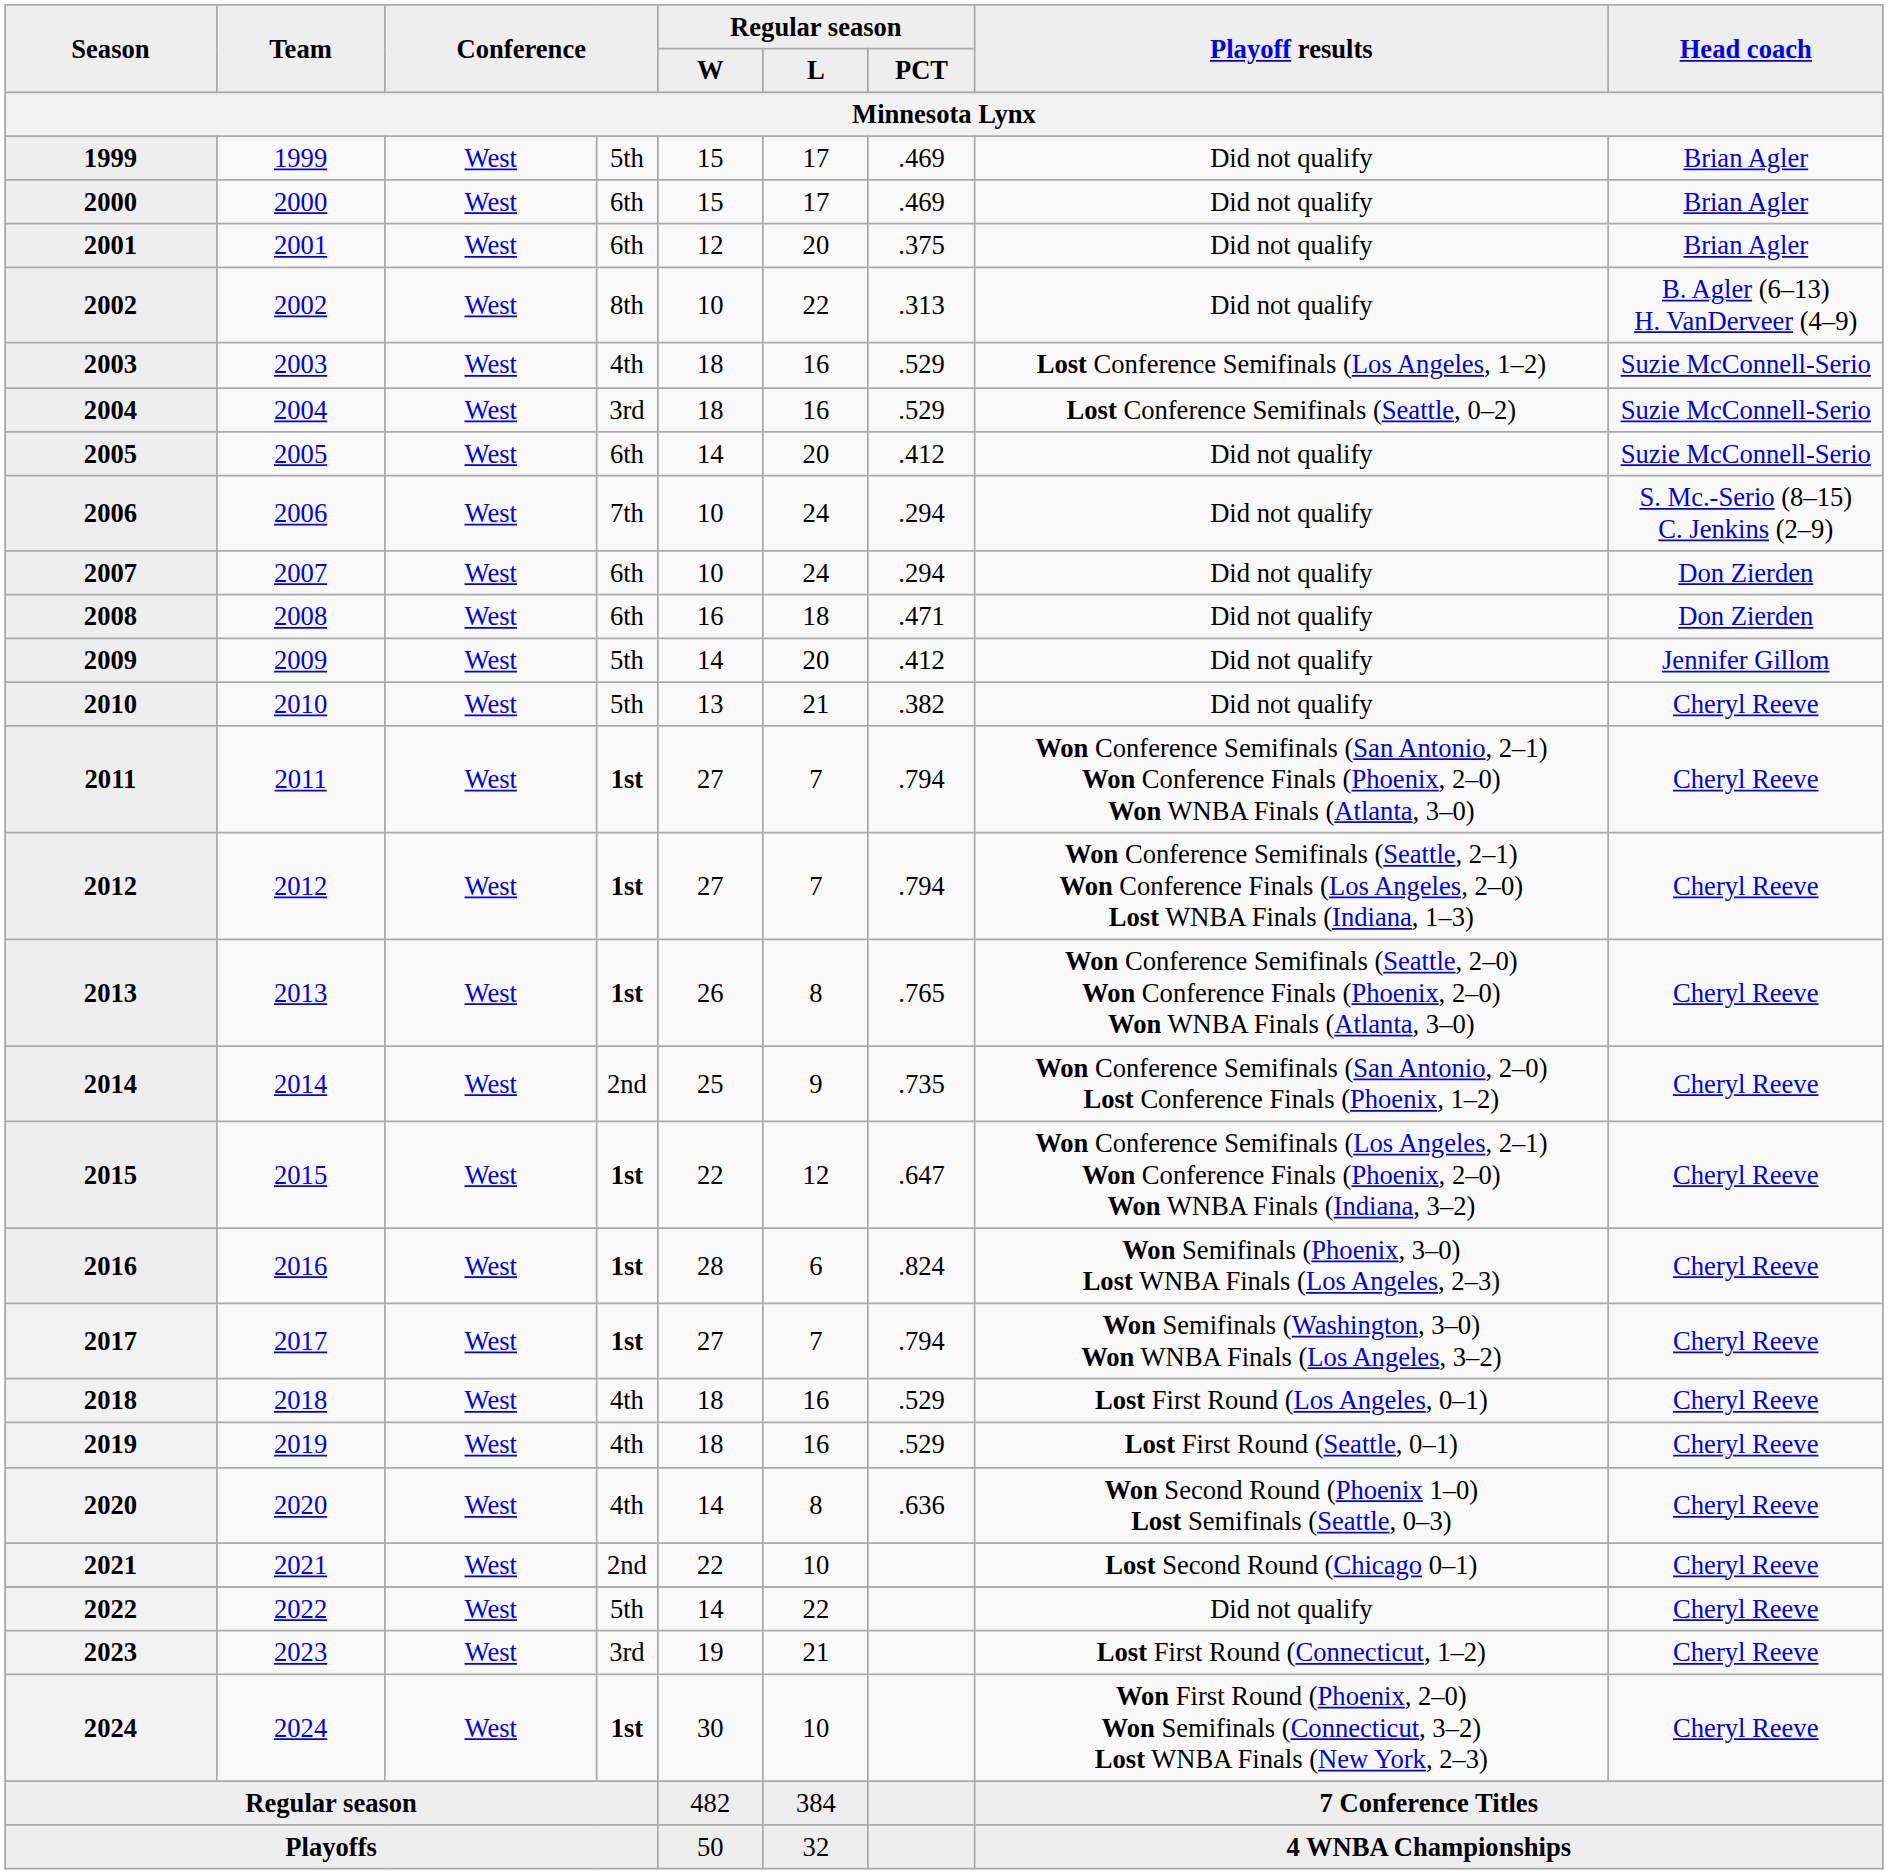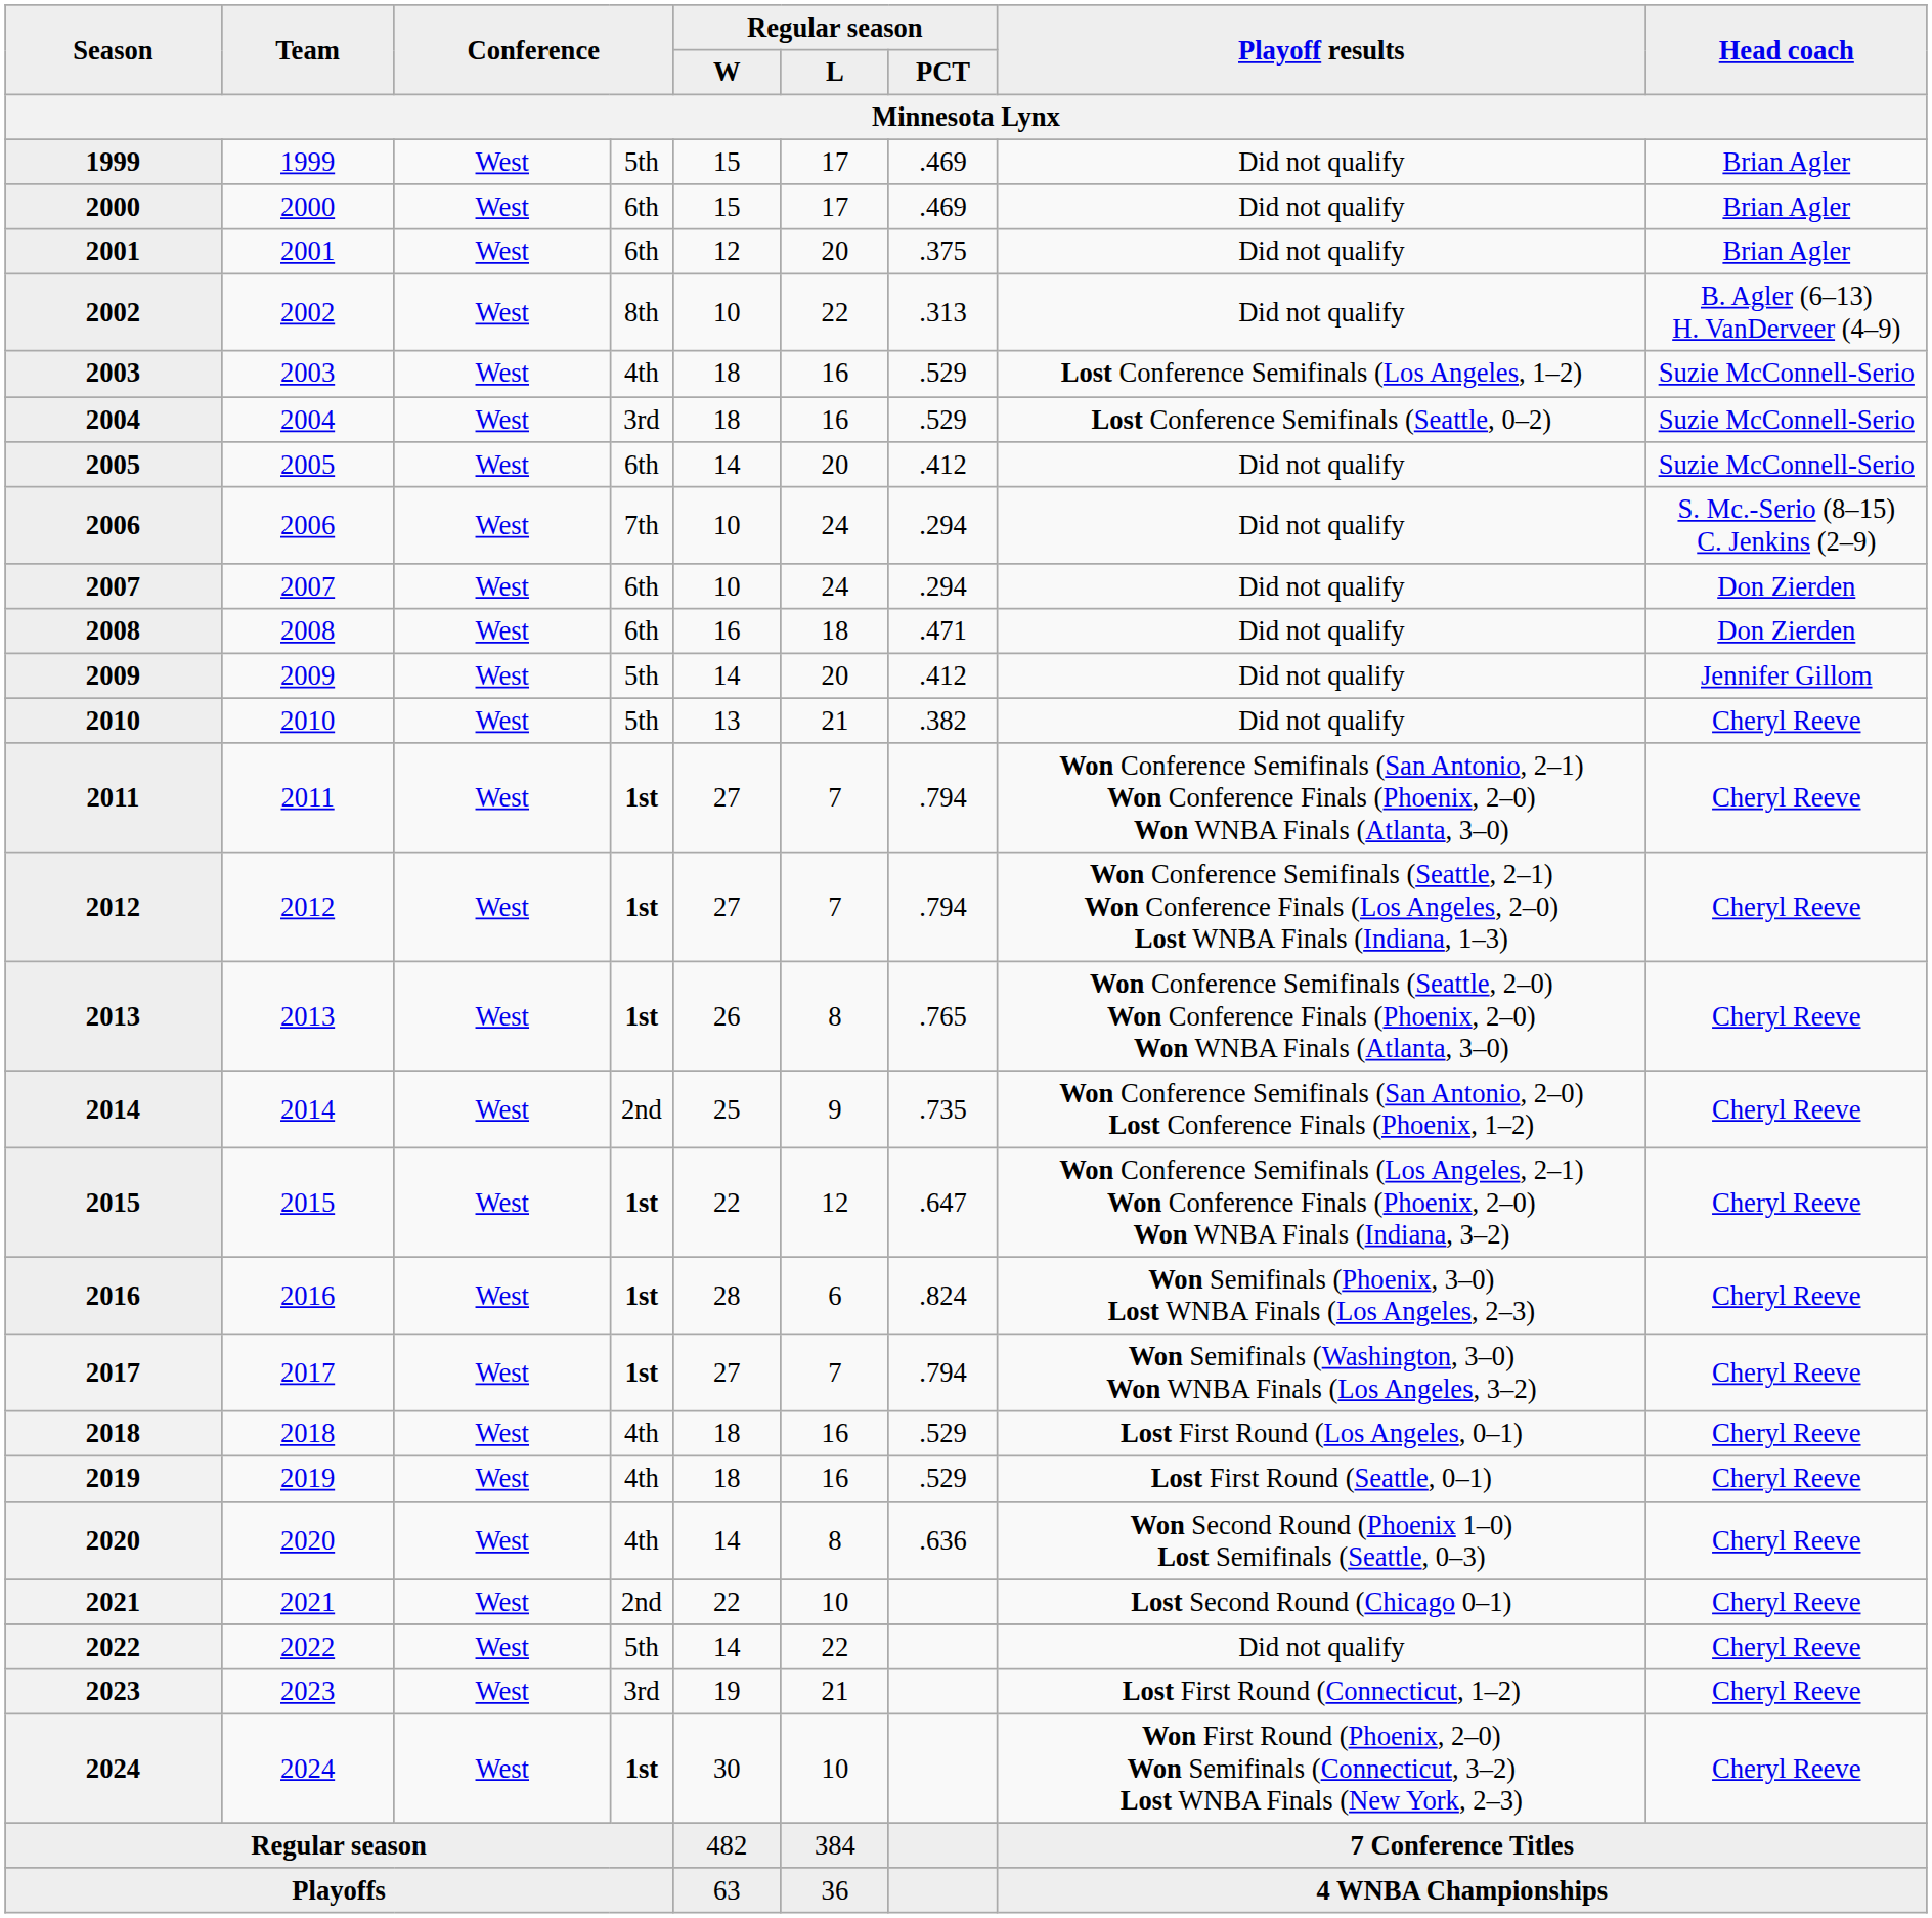 <table class="wikitable" style="font-size:95%; text-align: center; width: 85%; margin:1em auto;">
 <tr>
 <th rowspan=2 style="background:#eee; width: 10%;">Season</th>
 <th rowspan=2 style="background:#eee; width: 8%;">Team</th>
 <th rowspan=2 colspan=2 style="background:#eee; width: 12%;">Conference</th>
 <th colspan=3 style="background:#eee; width: 15%;">Regular season</th>
 <th rowspan=2 style="background:#eee; width: 30%;"><a href='#'>Playoff</a> results</th>
 <th rowspan=2 style="background:#eee; width: 13%;"><a href='#'>Head coach</a></th>
 </tr>
 <tr>
 <th style="background:#eee; width: 5%;">W</th>
 <th style="background:#eee; width: 5%;">L</th>
 <th style="background:#eee; width: 5%;">PCT</th>
 </tr>
 <tr>
 <th colspan=9 style="text-align:center; ">Minnesota Lynx</th>
 </tr>
 <tr>
 <th scope="row" style="background:#eee;">1999</th>
 <td><a href='#'>1999</a></td>
 <td style="width: 10%"><a href='#'>West</a></td>
 <td>5th</td>
 <td>15</td>
 <td>17</td>
 <td>.469</td>
 <td>Did not qualify</td>
 <td><a href='#'>Brian Agler</a></td>
 </tr>
 <tr>
 <th scope="row" style="background:#eee;">2000</th>
 <td><a href='#'>2000</a></td>
 <td><a href='#'>West</a></td>
 <td>6th</td>
 <td>15</td>
 <td>17</td>
 <td>.469</td>
 <td>Did not qualify</td>
 <td><a href='#'>Brian Agler</a></td>
 </tr>
 <tr>
 <th scope="row" style="background:#eee;">2001</th>
 <td><a href='#'>2001</a></td>
 <td><a href='#'>West</a></td>
 <td>6th</td>
 <td>12</td>
 <td>20</td>
 <td>.375</td>
 <td>Did not qualify</td>
 <td><a href='#'>Brian Agler</a></td>
 </tr>
 <tr>
 <th scope="row" style="background:#eee;">2002</th>
 <td><a href='#'>2002</a></td>
 <td><a href='#'>West</a></td>
 <td>8th</td>
 <td>10</td>
 <td>22</td>
 <td>.313</td>
 <td>Did not qualify</td>
 <td><a href='#'>B. Agler</a> (6–13)<br><a href='#'>H. VanDerveer</a> (4–9)</td>
 </tr>
 <tr>
 <th scope="row" style="background:#eee;">2003</th>
 <td><a href='#'>2003</a></td>
 <td><a href='#'>West</a></td>
 <td>4th</td>
 <td>18</td>
 <td>16</td>
 <td>.529</td>
 <td><strong>Lost</strong> Conference Semifinals (<a href='#'>Los Angeles</a>, 1–2)</td>
 <td><a href='#'>Suzie McConnell-Serio</a></td>
 </tr>
 <tr>
 <th scope="row" style="background:#eee;">2004</th>
 <td><a href='#'>2004</a></td>
 <td><a href='#'>West</a></td>
 <td>3rd</td>
 <td>18</td>
 <td>16</td>
 <td>.529</td>
 <td><strong>Lost</strong> Conference Semifinals (<a href='#'>Seattle</a>, 0–2)</td>
 <td><a href='#'>Suzie McConnell-Serio</a></td>
 </tr>
 <tr>
 <th scope="row" style="background:#eee;">2005</th>
 <td><a href='#'>2005</a></td>
 <td><a href='#'>West</a></td>
 <td>6th</td>
 <td>14</td>
 <td>20</td>
 <td>.412</td>
 <td>Did not qualify</td>
 <td><a href='#'>Suzie McConnell-Serio</a></td>
 </tr>
 <tr>
 <th scope="row" style="background:#eee;">2006</th>
 <td><a href='#'>2006</a></td>
 <td><a href='#'>West</a></td>
 <td>7th</td>
 <td>10</td>
 <td>24</td>
 <td>.294</td>
 <td>Did not qualify</td>
 <td><a href='#'>S. Mc.-Serio</a> (8–15)<br><a href='#'>C. Jenkins</a> (2–9)</td>
 </tr>
 <tr>
 <th scope="row" style="background:#eee;">2007</th>
 <td><a href='#'>2007</a></td>
 <td><a href='#'>West</a></td>
 <td>6th</td>
 <td>10</td>
 <td>24</td>
 <td>.294</td>
 <td>Did not qualify</td>
 <td><a href='#'>Don Zierden</a></td>
 </tr>
 <tr>
 <th scope="row" style="background:#eee;">2008</th>
 <td><a href='#'>2008</a></td>
 <td><a href='#'>West</a></td>
 <td>6th</td>
 <td>16</td>
 <td>18</td>
 <td>.471</td>
 <td>Did not qualify</td>
 <td><a href='#'>Don Zierden</a></td>
 </tr>
 <tr>
 <th scope="row" style="background:#eee;">2009</th>
 <td><a href='#'>2009</a></td>
 <td><a href='#'>West</a></td>
 <td>5th</td>
 <td>14</td>
 <td>20</td>
 <td>.412</td>
 <td>Did not qualify</td>
 <td><a href='#'>Jennifer Gillom</a></td>
 </tr>
 <tr>
 <th scope="row" style="background:#eee;">2010</th>
 <td><a href='#'>2010</a></td>
 <td><a href='#'>West</a></td>
 <td>5th</td>
 <td>13</td>
 <td>21</td>
 <td>.382</td>
 <td>Did not qualify</td>
 <td><a href='#'>Cheryl Reeve</a></td>
 </tr>
 <tr>
 <th scope="row" style="background:#eee;">2011</th>
 <td><a href='#'>2011</a></td>
 <td><a href='#'>West</a></td>
 <td><strong>1st</strong></td>
 <td>27</td>
 <td>7</td>
 <td>.794</td>
 <td><strong>Won</strong> Conference Semifinals (<a href='#'>San Antonio</a>, 2–1)<br> <strong>Won</strong> Conference Finals (<a href='#'>Phoenix</a>, 2–0)<br> <strong>Won</strong> WNBA Finals (<a href='#'>Atlanta</a>, 3–0)</td>
 <td><a href='#'>Cheryl Reeve</a></td>
 </tr>
 <tr>
 <th scope="row" style="background:#eee;">2012</th>
 <td><a href='#'>2012</a></td>
 <td><a href='#'>West</a></td>
 <td><strong>1st</strong></td>
 <td>27</td>
 <td>7</td>
 <td>.794</td>
 <td><strong> Won</strong> Conference Semifinals (<a href='#'>Seattle</a>, 2–1)<br><strong>Won</strong> Conference Finals (<a href='#'>Los Angeles</a>, 2–0)<br><strong>Lost</strong> WNBA Finals (<a href='#'>Indiana</a>, 1–3)</td>
 <td><a href='#'>Cheryl Reeve</a></td>
 </tr>
 <tr>
 <th scope="row" style="background:#eee;">2013</th>
 <td><a href='#'>2013</a></td>
 <td><a href='#'>West</a></td>
 <td><strong>1st</strong></td>
 <td>26</td>
 <td>8</td>
 <td>.765</td>
 <td><strong>Won</strong> Conference Semifinals (<a href='#'>Seattle</a>, 2–0)<br><strong>Won</strong> Conference Finals (<a href='#'>Phoenix</a>, 2–0)<br><strong>Won</strong> WNBA Finals (<a href='#'>Atlanta</a>, 3–0)</td>
 <td><a href='#'>Cheryl Reeve</a></td>
 </tr>
 <tr>
 <th scope="row" style="background:#eee;">2014</th>
 <td><a href='#'>2014</a></td>
 <td><a href='#'>West</a></td>
 <td>2nd</td>
 <td>25</td>
 <td>9</td>
 <td>.735</td>
 <td><strong>Won</strong> Conference Semifinals (<a href='#'>San Antonio</a>, 2–0)<br> <strong>Lost</strong> Conference Finals (<a href='#'>Phoenix</a>, 1–2)</td>
 <td><a href='#'>Cheryl Reeve</a></td>
 </tr>
 <tr>
 <th scope="row" style="background:#eee;">2015</th>
 <td><a href='#'>2015</a></td>
 <td><a href='#'>West</a></td>
 <td><strong>1st</strong></td>
 <td>22</td>
 <td>12</td>
 <td>.647</td>
 <td><strong>Won</strong> Conference Semifinals (<a href='#'>Los Angeles</a>, 2–1)<br><strong>Won</strong> Conference Finals (<a href='#'>Phoenix</a>, 2–0)<br><strong> Won</strong> WNBA Finals (<a href='#'>Indiana</a>, 3–2)</td>
 <td><a href='#'>Cheryl Reeve</a></td>
 </tr>
 <tr>
 <th scope="row" style="background:#eee;">2016</th>
 <td><a href='#'>2016</a></td>
 <td><a href='#'>West</a></td>
 <td><strong>1st</strong></td>
 <td>28</td>
 <td>6</td>
 <td>.824</td>
 <td><strong>Won</strong> Semifinals (<a href='#'>Phoenix</a>, 3–0)<br> <strong>Lost</strong> WNBA Finals (<a href='#'>Los Angeles</a>, 2–3)</td>
 <td><a href='#'>Cheryl Reeve</a></td>
 </tr>
 <tr>
 <th>2017</th>
 <td><a href='#'>2017</a></td>
 <td><a href='#'>West</a></td>
 <td><strong>1st</strong></td>
 <td>27</td>
 <td>7</td>
 <td>.794</td>
 <td><strong>Won</strong> Semifinals (<a href='#'>Washington</a>, 3–0)<br> <strong>Won</strong> WNBA Finals (<a href='#'>Los Angeles</a>, 3–2)</td>
 <td><a href='#'>Cheryl Reeve</a></td>
 </tr>
 <tr>
 <th>2018</th>
 <td><a href='#'>2018</a></td>
 <td><a href='#'>West</a></td>
 <td>4th</td>
 <td>18</td>
 <td>16</td>
 <td>.529</td>
 <td><strong>Lost</strong> First Round (<a href='#'>Los Angeles</a>, 0–1)</td>
 <td><a href='#'>Cheryl Reeve</a></td>
 </tr>
 <tr>
 <th>2019</th>
 <td><a href='#'>2019</a></td>
 <td><a href='#'>West</a></td>
 <td>4th</td>
 <td>18</td>
 <td>16</td>
 <td>.529</td>
 <td><strong>Lost</strong> First Round (<a href='#'>Seattle</a>, 0–1)</td>
 <td><a href='#'>Cheryl Reeve</a></td>
 </tr>
 <tr>
 <th>2020</th>
 <td><a href='#'>2020</a></td>
 <td><a href='#'>West</a></td>
 <td>4th</td>
 <td>14</td>
 <td>8</td>
 <td>.636</td>
 <td><strong>Won</strong> Second Round (<a href='#'>Phoenix</a> 1–0)<br><strong>Lost</strong> Semifinals (<a href='#'>Seattle</a>, 0–3)</td>
 <td><a href='#'>Cheryl Reeve</a></td>
 </tr>
 <tr>
 <th>2021</th>
 <td><a href='#'>2021</a></td>
 <td><a href='#'>West</a></td>
 <td>2nd</td>
 <td>22</td>
 <td>10</td>
 <td></td>
 <td><strong>Lost</strong> Second Round (<a href='#'>Chicago</a> 0–1)</td>
 <td><a href='#'>Cheryl Reeve</a></td>
 </tr>
 <tr>
 </tr>
 <tr>
 <th>2022</th>
 <td><a href='#'>2022</a></td>
 <td><a href='#'>West</a></td>
 <td>5th</td>
 <td>14</td>
 <td>22</td>
 <td></td>
 <td>Did not qualify</td>
 <td><a href='#'>Cheryl Reeve</a></td>
 </tr>
 <tr>
 <th>2023</th>
 <td><a href='#'>2023</a></td>
 <td><a href='#'>West</a></td>
 <td>3rd</td>
 <td>19</td>
 <td>21</td>
 <td></td>
 <td><strong>Lost</strong> First Round (<a href='#'>Connecticut</a>, 1–2)</td>
 <td><a href='#'>Cheryl Reeve</a></td>
 </tr>
 <tr>
 <th>2024</th>
 <td><a href='#'>2024</a></td>
 <td><a href='#'>West</a></td>
 <td><strong>1st</strong></td>
 <td>30</td>
 <td>10</td>
 <td></td>
 <td><strong>Won</strong> First Round (<a href='#'>Phoenix</a>, 2–0)<br><strong>Won</strong> Semifinals (<a href='#'>Connecticut</a>, 3–2)<br><strong>Lost</strong> WNBA Finals (<a href='#'>New York</a>, 2–3)</td>
 <td><a href='#'>Cheryl Reeve</a></td>
 </tr>
 <tr>
 <th colspan=4 style="background:#eee;">Regular season</th>
 <td style="background:#eee;">482</td>
 <td style="background:#eee;">384</td>
 <td style="background:#eee;"></td>
 <td colspan=2 style="background:#eee;"><strong>7 Conference Titles</strong></td>
 </tr>
 <tr>
 <th colspan=4 style="background:#eee;">Playoffs</th>
-<td style="background:#eee;">50</td>
-<td style="background:#eee;">32</td>
+<td style="background:#eee;">63</td>
+<td style="background:#eee;">36</td>
 <td style="background:#eee;"></td>
 <td colspan=2 style="background:#eee;"><strong>4 WNBA Championships</strong></td>
 </tr>
 </table>
